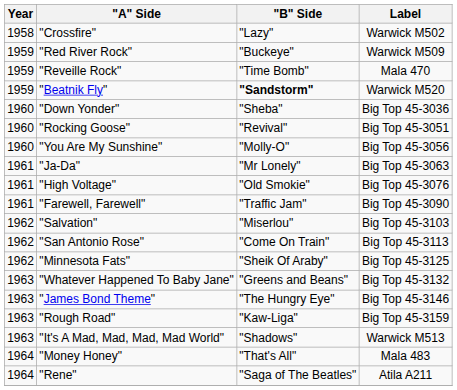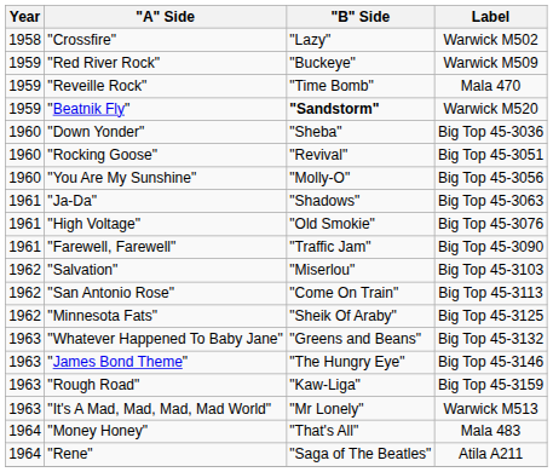 <table class="sortable wikitable">
 <tr>
 <th>Year</th>
 <th>"A" Side</th>
 <th>"B" Side</th>
 <th>Label</th>
 </tr>
 <tr>
 <td align="center">1958</td>
 <td>"Crossfire"</td>
 <td>"Lazy"</td>
 <td align="center">Warwick M502</td>
 </tr>
 <tr>
 <td align="center">1959</td>
 <td>"Red River Rock"</td>
 <td>"Buckeye"</td>
 <td align="center">Warwick M509</td>
 </tr>
 <tr>
 <td align="center">1959</td>
 <td>"Reveille Rock"</td>
 <td>"Time Bomb"</td>
 <td align="center">Mala 470</td>
 </tr>
 <tr>
 <td align="center">1959</td>
 <td>"<a href='#'>Beatnik Fly</a>"</td>
 <td><strong>"Sandstorm"</strong></td>
 <td align="center">Warwick M520</td>
 </tr>
 <tr>
 <td align="center">1960</td>
 <td>"Down Yonder"</td>
 <td>"Sheba"</td>
 <td align="center">Big Top 45-3036</td>
 </tr>
 <tr>
 <td align="center">1960</td>
 <td>"Rocking Goose"</td>
 <td>"Revival"</td>
 <td align="center">Big Top 45-3051</td>
 </tr>
 <tr>
 <td align="center">1960</td>
 <td>"You Are My Sunshine"</td>
 <td>"Molly-O"</td>
 <td align="center">Big Top 45-3056</td>
 </tr>
 <tr>
 <td align="center">1961</td>
 <td>"Ja-Da"</td>
-<td>"Mr Lonely"</td>
+<td>"Shadows"</td>
 <td align="center">Big Top 45-3063</td>
 </tr>
 <tr>
 <td align="center">1961</td>
 <td>"High Voltage"</td>
 <td>"Old Smokie"</td>
 <td align="center">Big Top 45-3076</td>
 </tr>
 <tr>
 <td align="center">1961</td>
 <td>"Farewell, Farewell"</td>
 <td>"Traffic Jam"</td>
 <td align="center">Big Top 45-3090</td>
 </tr>
 <tr>
 <td align="center">1962</td>
 <td>"Salvation"</td>
 <td>"Miserlou"</td>
 <td align="center">Big Top 45-3103</td>
 </tr>
 <tr>
 <td align="center">1962</td>
 <td>"San Antonio Rose"</td>
 <td>"Come On Train"</td>
 <td align="center">Big Top 45-3113</td>
 </tr>
 <tr>
 <td align="center">1962</td>
 <td>"Minnesota Fats"</td>
 <td>"Sheik Of Araby"</td>
 <td align="center">Big Top 45-3125</td>
 </tr>
 <tr>
 <td align="center">1963</td>
 <td>"Whatever Happened To Baby Jane"</td>
 <td>"Greens and Beans"</td>
 <td align="center">Big Top 45-3132</td>
 </tr>
 <tr>
 <td align="center">1963</td>
 <td>"<a href='#'>James Bond Theme</a>"</td>
 <td>"The Hungry Eye"</td>
 <td align="center">Big Top 45-3146</td>
 </tr>
 <tr>
 <td align="center">1963</td>
 <td>"Rough Road"</td>
 <td>"Kaw-Liga"</td>
 <td align="center">Big Top 45-3159</td>
 </tr>
 <tr>
 <td align="center">1963</td>
 <td>"It's A Mad, Mad, Mad, Mad World"</td>
-<td>"Shadows"</td>
+<td>"Mr Lonely"</td>
 <td align="center">Warwick M513</td>
 </tr>
 <tr>
 <td align="center">1964</td>
 <td>"Money Honey"</td>
 <td>"That's All"</td>
 <td align="center">Mala 483</td>
 </tr>
 <tr>
 <td align="center">1964</td>
 <td>"Rene"</td>
 <td>"Saga of The Beatles"</td>
 <td align="center">Atila A211</td>
 </tr>
 <tr>
 </tr>
 </table>
